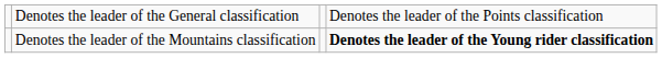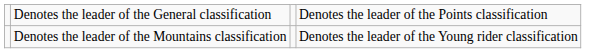 <table class="wikitable">
 <tr>
 <td></td>
 <td>Denotes the leader of the General classification</td>
 <td></td>
 <td>Denotes the leader of the Points classification</td>
 </tr>
 <tr>
 <td></td>
 <td>Denotes the leader of the Mountains classification</td>
 <td></td>
-<td><strong>Denotes the leader of the Young rider classification</strong></td>
+<td>Denotes the leader of the Young rider classification</td>
 </tr>
 </table>
